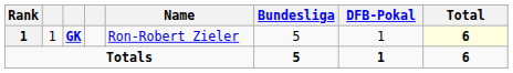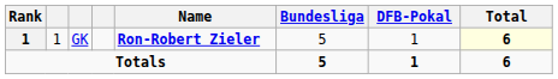 <table class="wikitable" style="text-align:center">
 <tr>
 <th width=15>Rank</th>
 <th width=15></th>
 <th width=15></th>
 <th width=15></th>
 <th width=145>Name</th>
 <th width=80><strong><a href='#'>Bundesliga</a></strong></th>
 <th width=80><strong><a href='#'>DFB-Pokal</a></strong></th>
 <th width=80>Total</th>
 </tr>
 <tr>
 <th>1</th>
 <td>1</td>
-<td><strong><a href='#'>GK</a></strong></td>
+<td><a href='#'>GK</a></td>
 <td></td>
-<td align=left><a href='#'>Ron-Robert Zieler</a></td>
+<td align=left><strong><a href='#'>Ron-Robert Zieler</a></strong></td>
 <td>5</td>
 <td>1</td>
 <td style="background: lightyellow;"><strong>6</strong></td>
 </tr>
 <tr>
 <td colspan=5><strong>Totals</strong></td>
 <td><strong>5</strong></td>
 <td><strong>1</strong></td>
 <td><strong>6</strong></td>
 </tr>
 </table>
